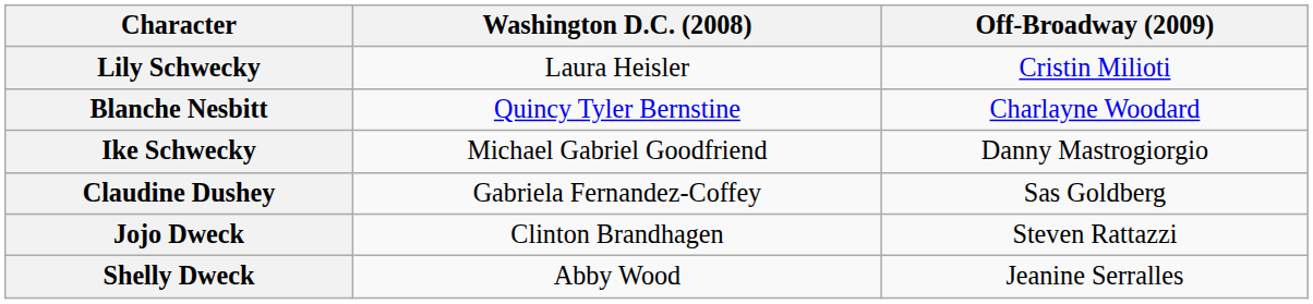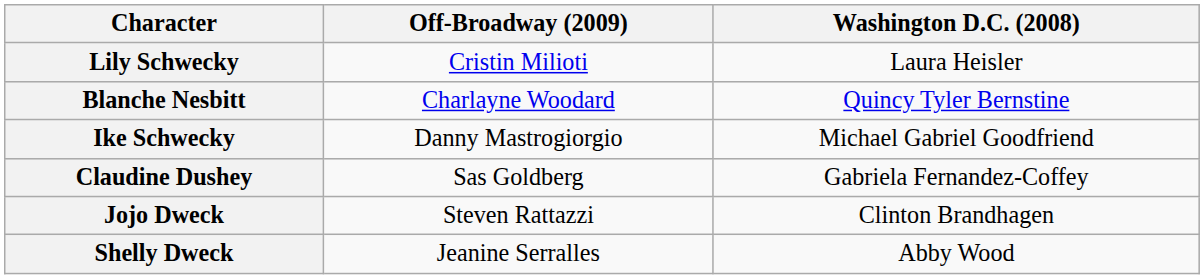 <table class="wikitable" style="width:50%; text-align:center">
 <tr>
 <th scope="col">Character</th>
+<th>Off-Broadway (2009)</th>
 <th>Washington D.C. (2008)</th>
-<th>Off-Broadway (2009)</th>
 </tr>
 <tr>
 <th>Lily Schwecky</th>
+<td colspan="1"><a href='#'>Cristin Milioti</a></td>
 <td colspan="1">Laura Heisler</td>
-<td colspan="1"><a href='#'>Cristin Milioti</a></td>
 </tr>
 <tr>
 <th>Blanche Nesbitt</th>
+<td colspan="1”"><a href='#'>Charlayne Woodard</a></td>
 <td colspan="1”"><a href='#'>Quincy Tyler Bernstine</a></td>
-<td colspan="1”"><a href='#'>Charlayne Woodard</a></td>
 </tr>
 <tr>
 <th>Ike Schwecky</th>
+<td colspan="1”">Danny Mastrogiorgio</td>
 <td colspan="1”">Michael Gabriel Goodfriend</td>
-<td colspan="1”">Danny Mastrogiorgio</td>
 </tr>
 <tr>
 <th>Claudine Dushey</th>
+<td colspan="1">Sas Goldberg</td>
 <td colspan="1">Gabriela Fernandez-Coffey</td>
-<td colspan="1">Sas Goldberg</td>
 </tr>
 <tr>
 <th>Jojo Dweck</th>
+<td colspan="1">Steven Rattazzi</td>
 <td colspan="1">Clinton Brandhagen</td>
-<td colspan="1">Steven Rattazzi</td>
 </tr>
 <tr>
 <th>Shelly Dweck</th>
+<td colspan="1">Jeanine Serralles</td>
 <td colspan="1">Abby Wood</td>
-<td colspan="1">Jeanine Serralles</td>
 </tr>
 </table>
